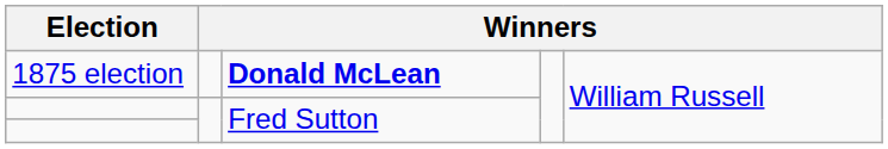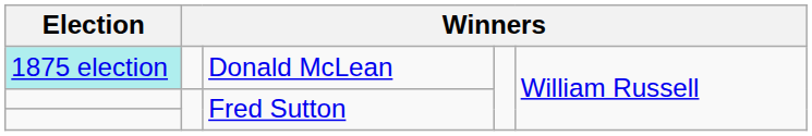 <table class=wikitable>
 <tr>
 <th width=100>Election</th>
 <th colspan=4>Winners</th>
 </tr>
 <tr>
-<td><a href='#'>1875 election</a></td>
+<td style="background: paleturquoise;"><a href='#'>1875 election</a></td>
 <td width=5 bgcolor=></td>
-<td width=170><strong><a href='#'>Donald McLean</a></strong></td>
+<td width=170><a href='#'>Donald McLean</a></td>
 <td width=5 rowspan=3 bgcolor=></td>
 <td style="width:170px;" rowspan="3"><a href='#'>William Russell</a></td>
 </tr>
 <tr>
 <td></td>
 <td rowspan=2 bgcolor=></td>
 <td rowspan=2><a href='#'>Fred Sutton</a></td>
 </tr>
 <tr>
 <td></td>
 </tr>
 </table>
